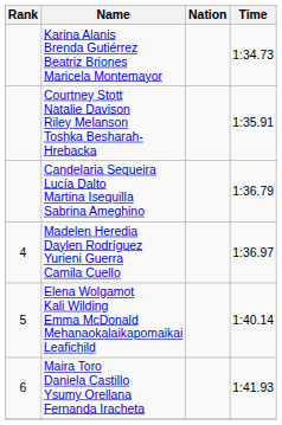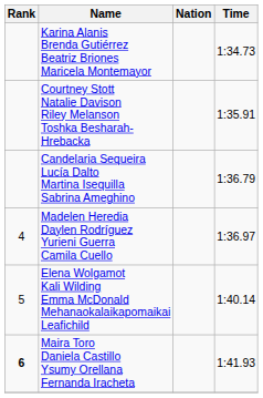 <table class="wikitable sortable" style="text-align:center" width=50%>
 <tr>
 <th>Rank</th>
 <th>Name</th>
 <th>Nation</th>
 <th>Time</th>
 </tr>
 <tr>
 <td></td>
 <td align=left><a href='#'>Karina Alanis</a><br><a href='#'>Brenda Gutiérrez</a><br><a href='#'>Beatriz Briones</a><br><a href='#'>Maricela Montemayor</a></td>
 <td align=left></td>
 <td>1:34.73</td>
 </tr>
 <tr>
 <td></td>
 <td align=left><a href='#'>Courtney Stott</a><br><a href='#'>Natalie Davison</a><br><a href='#'>Riley Melanson</a><br><a href='#'>Toshka Besharah-Hrebacka</a></td>
 <td align=left></td>
 <td>1:35.91</td>
 </tr>
 <tr>
 <td></td>
 <td align=left><a href='#'>Candelaria Sequeira</a><br><a href='#'>Lucía Dalto</a><br><a href='#'>Martina Isequilla</a><br><a href='#'>Sabrina Ameghino</a></td>
 <td align=left></td>
 <td>1:36.79</td>
 </tr>
 <tr>
 <td>4</td>
 <td align=left><a href='#'>Madelen Heredia</a><br><a href='#'>Daylen Rodríguez</a><br><a href='#'>Yurieni Guerra</a><br><a href='#'>Camila Cuello</a></td>
 <td align=left></td>
 <td>1:36.97</td>
 </tr>
 <tr>
 <td>5</td>
 <td align=left><a href='#'>Elena Wolgamot</a><br><a href='#'>Kali Wilding</a><br><a href='#'>Emma McDonald</a><br><a href='#'>Mehanaokalaikapomaikai Leafichild</a></td>
 <td align=left></td>
 <td>1:40.14</td>
 </tr>
 <tr>
-<td>6</td>
+<td><strong>6</strong></td>
 <td align=left><a href='#'>Maira Toro</a><br><a href='#'>Daniela Castillo</a><br><a href='#'>Ysumy Orellana</a><br><a href='#'>Fernanda Iracheta</a></td>
 <td align=left></td>
 <td>1:41.93</td>
 </tr>
 <tr>
 </tr>
 </table>
